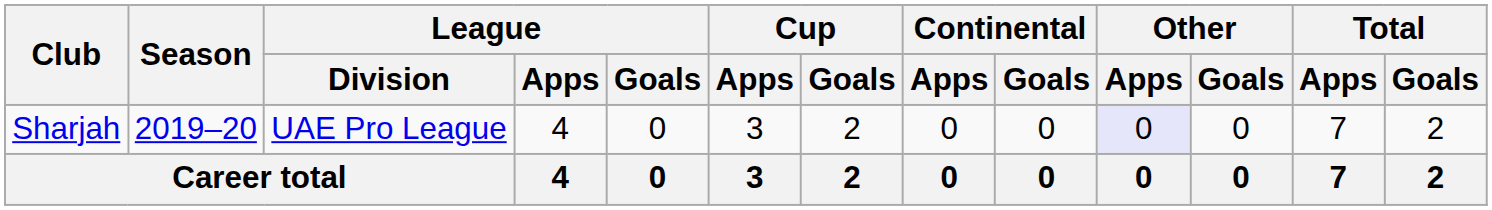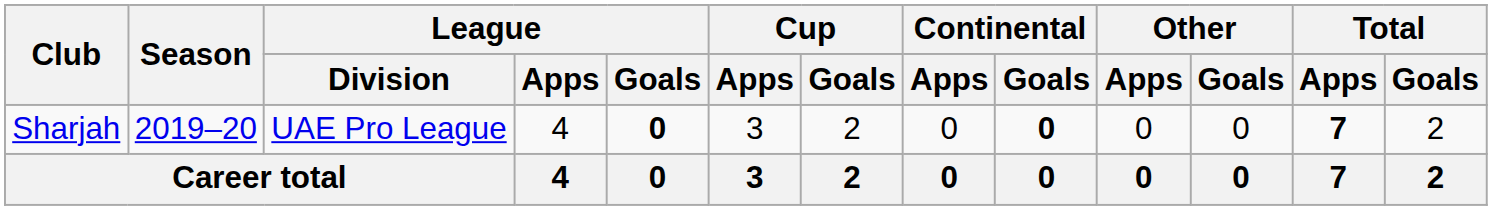 <table class="wikitable" style="text-align: center">
 <tr>
 <th rowspan="2">Club</th>
 <th rowspan="2">Season</th>
 <th colspan="3">League</th>
 <th colspan="2">Cup</th>
 <th colspan="2">Continental</th>
 <th colspan="2">Other</th>
 <th colspan="2">Total</th>
 </tr>
 <tr>
 <th>Division</th>
 <th>Apps</th>
 <th>Goals</th>
 <th>Apps</th>
 <th>Goals</th>
 <th>Apps</th>
 <th>Goals</th>
 <th>Apps</th>
 <th>Goals</th>
 <th>Apps</th>
 <th>Goals</th>
 </tr>
 <tr>
 <td><a href='#'>Sharjah</a></td>
 <td><a href='#'>2019–20</a></td>
 <td><a href='#'>UAE Pro League</a></td>
 <td>4</td>
-<td>0</td>
+<td><strong>0</strong></td>
 <td>3</td>
 <td>2</td>
 <td>0</td>
+<td><strong>0</strong></td>
 <td>0</td>
-<td style="background: lavender;">0</td>
 <td>0</td>
-<td>7</td>
+<td><strong>7</strong></td>
 <td>2</td>
 </tr>
 <tr>
 <th colspan="3"><strong>Career total</strong></th>
 <th>4</th>
 <th>0</th>
 <th>3</th>
 <th>2</th>
 <th>0</th>
 <th>0</th>
 <th>0</th>
 <th>0</th>
 <th>7</th>
 <th>2</th>
 </tr>
 </table>
